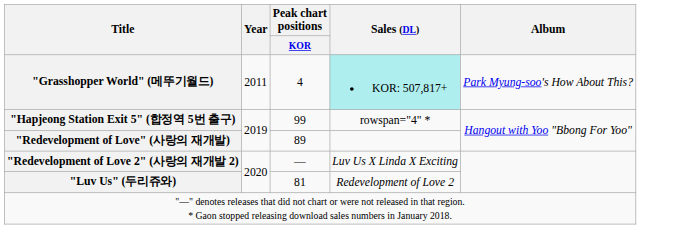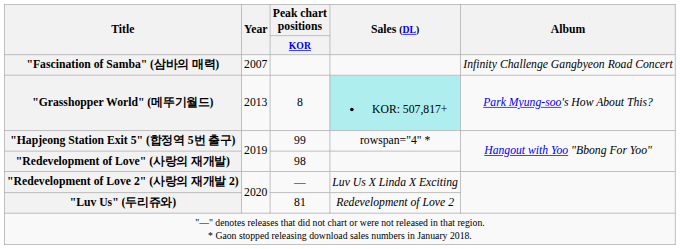 <table class="wikitable plainrowheaders" style="text-align:center;">
 <tr>
 <th scope="col" rowspan="2">Title</th>
 <th scope="col" rowspan="2">Year</th>
 <th scope="col" colspan="1">Peak chart <br> positions</th>
 <th scope="col" rowspan="2">Sales <small>(<a href='#'>DL</a>)</small></th>
 <th scope="col" rowspan="2">Album</th>
 </tr>
 <tr>
 <th><small><a href='#'>KOR</a></small><br></th>
 </tr>
 <tr>
+<th scope="row">"Fascination of Samba" (삼바의 매력)</th>
+<td>2007</td>
+<td></td>
+<td></td>
+<td><em>Infinity Challenge Gangbyeon Road Concert</em></td>
+</tr>
+<tr>
 <th scope="row">"Grasshopper World" (메뚜기월드)</th>
-<td>2011</td>
-<td>4</td>
+<td>2013</td>
+<td>8</td>
 <td style="background: paleturquoise;"><br><ul><li>KOR: 507,817+</li></ul></td>
 <td><em><a href='#'>Park Myung-soo</a>'s How About This?</em></td>
 </tr>
 <tr>
 <th scope="row">"Hapjeong Station Exit 5" (합정역 5번 출구) <br></th>
 <td rowspan="2">2019</td>
 <td>99</td>
 <td>rowspan="4" *</td>
 <td rowspan="2"><em><a href='#'>Hangout with Yoo</a> "Bbong For Yoo"</em></td>
 </tr>
 <tr>
 <th scope="row">"Redevelopment of Love" (사랑의 재개발) <br></th>
-<td>89</td>
+<td>98</td>
 </tr>
 <tr>
 <th scope="row">"Redevelopment of Love 2" (사랑의 재개발 2) <br></th>
 <td rowspan="2">2020</td>
 <td>—</td>
 <td><em>Luv Us X Linda X Exciting</em></td>
 </tr>
 <tr>
 <th scope="row">"Luv Us" (두리쥬와) <br></th>
 <td>81</td>
 <td><em>Redevelopment of Love 2</em></td>
 </tr>
 <tr>
 <td colspan="5"><small>"—" denotes releases that did not chart or were not released in that region. <br> * Gaon stopped releasing download sales numbers in January 2018.</small></td>
 </tr>
 </table>
